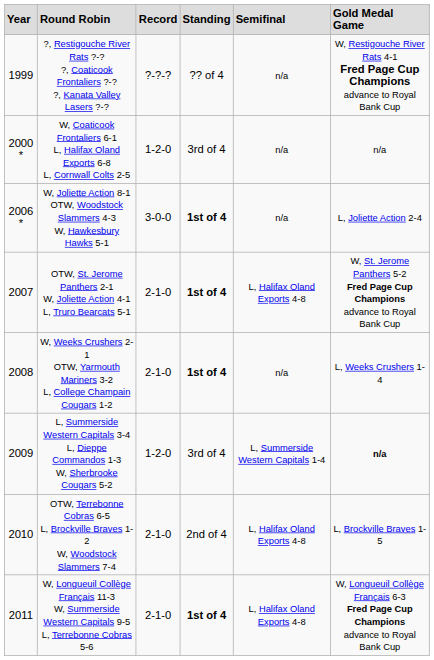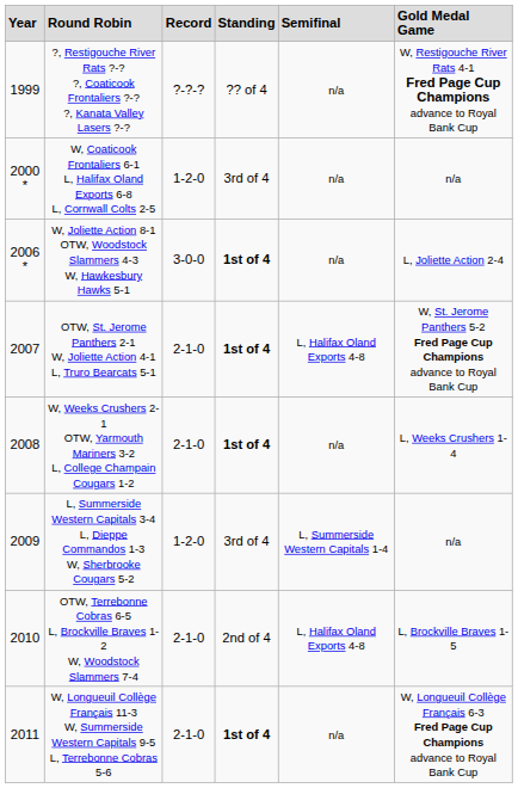 <table class="wikitable">
 <tr style="font-weight:bold; background-color:#dddddd;" |>
 <td>Year</td>
 <td>Round Robin</td>
 <td>Record</td>
 <td>Standing</td>
 <td>Semifinal</td>
 <td>Gold Medal Game</td>
 </tr>
 <tr align=center>
 <td>1999</td>
 <td><small>?, <a href='#'>Restigouche River Rats</a> ?-?<br>?, <a href='#'>Coaticook Frontaliers</a> ?-?<br>?, <a href='#'>Kanata Valley Lasers</a> ?-?</small></td>
 <td>?-?-?</td>
 <td>?? of 4</td>
 <td><small>n/a</small></td>
 <td><small>W, <a href='#'>Restigouche River Rats</a> 4-1</small><br><strong>Fred Page Cup Champions</strong><br>  <small>advance to Royal Bank Cup</small></td>
 </tr>
 <tr align=center>
 <td>2000 *</td>
 <td><small>W, <a href='#'>Coaticook Frontaliers</a> 6-1<br>L, <a href='#'>Halifax Oland Exports</a> 6-8<br>L, <a href='#'>Cornwall Colts</a> 2-5</small></td>
 <td>1-2-0</td>
 <td>3rd of 4</td>
 <td><small>n/a</small></td>
 <td><small>n/a</small></td>
 </tr>
 <tr align=center>
 <td>2006 *</td>
 <td><small>W, <a href='#'>Joliette Action</a> 8-1<br>OTW, <a href='#'>Woodstock Slammers</a> 4-3<br>W, <a href='#'>Hawkesbury Hawks</a> 5-1</small></td>
 <td>3-0-0</td>
 <td><strong>1st of 4</strong></td>
 <td><small>n/a</small></td>
 <td><small>L, <a href='#'>Joliette Action</a> 2-4</small></td>
 </tr>
 <tr align=center>
 <td>2007</td>
 <td><small>OTW, <a href='#'>St. Jerome Panthers</a> 2-1<br>W, <a href='#'>Joliette Action</a> 4-1<br>L, <a href='#'>Truro Bearcats</a> 5-1</small></td>
 <td>2-1-0</td>
 <td><strong>1st of 4</strong></td>
 <td><small>L, <a href='#'>Halifax Oland Exports</a> 4-8</small></td>
 <td><small>W, <a href='#'>St. Jerome Panthers</a> 5-2<br><strong>Fred Page Cup Champions</strong><br>  advance to Royal Bank Cup</small></td>
 </tr>
 <tr align=center>
 <td>2008</td>
 <td><small>W, <a href='#'>Weeks Crushers</a> 2-1<br>OTW, <a href='#'>Yarmouth Mariners</a> 3-2<br>L, <a href='#'>College Champain Cougars</a> 1-2</small></td>
 <td>2-1-0</td>
 <td><strong>1st of 4</strong></td>
 <td><small>n/a</small></td>
 <td><small>L, <a href='#'>Weeks Crushers</a> 1-4</small></td>
 </tr>
 <tr align=center>
 <td>2009</td>
 <td><small>L, <a href='#'>Summerside Western Capitals</a> 3-4<br>L, <a href='#'>Dieppe Commandos</a> 1-3<br>W, <a href='#'>Sherbrooke Cougars</a> 5-2</small></td>
 <td>1-2-0</td>
 <td>3rd of 4</td>
 <td><small>L, <a href='#'>Summerside Western Capitals</a> 1-4</small></td>
-<td><strong><small>n/a</small></strong></td>
+<td><small>n/a</small></td>
 </tr>
 <tr align=center>
 <td>2010</td>
 <td><small>OTW, <a href='#'>Terrebonne Cobras</a> 6-5<br>L, <a href='#'>Brockville Braves</a> 1-2<br>W, <a href='#'>Woodstock Slammers</a> 7-4</small></td>
 <td>2-1-0</td>
 <td>2nd of 4</td>
 <td><small>L, <a href='#'>Halifax Oland Exports</a> 4-8</small></td>
 <td><small>L, <a href='#'>Brockville Braves</a> 1-5</small></td>
 </tr>
 <tr align=center>
 <td>2011</td>
 <td><small>W, <a href='#'>Longueuil Collège Français</a> 11-3<br>W, <a href='#'>Summerside Western Capitals</a> 9-5<br>L, <a href='#'>Terrebonne Cobras</a> 5-6</small></td>
 <td>2-1-0</td>
 <td><strong>1st of 4</strong></td>
-<td><small>L, <a href='#'>Halifax Oland Exports</a> 4-8</small></td>
+<td><small>n/a</small></td>
 <td><small>W, <a href='#'>Longueuil Collège Français</a> 6-3</small><br><small><strong>Fred Page Cup Champions</strong><br>  advance to Royal Bank Cup</small></td>
 </tr>
 </table>
